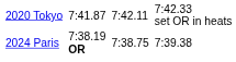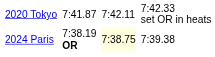 <table>
 <tr>
 <td><a href='#'>2020 Tokyo</a><br></td>
 <td></td>
 <td>7:41.87</td>
 <td></td>
 <td>7:42.11</td>
 <td></td>
 <td>7:42.33 <br><span>set OR in heats</span></td>
 </tr>
 <tr>
 <td><a href='#'>2024 Paris</a><br></td>
 <td></td>
 <td>7:38.19 <br> <strong>OR</strong></td>
 <td></td>
-<td>7:38.75</td>
+<td style="background: lightyellow;">7:38.75</td>
 <td></td>
 <td>7:39.38</td>
 </tr>
 <tr>
 </tr>
 </table>
